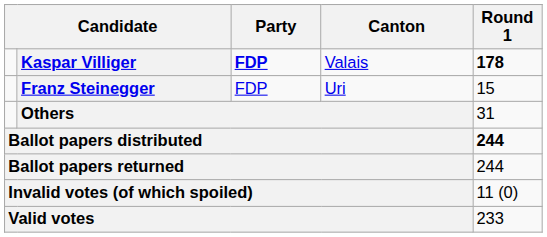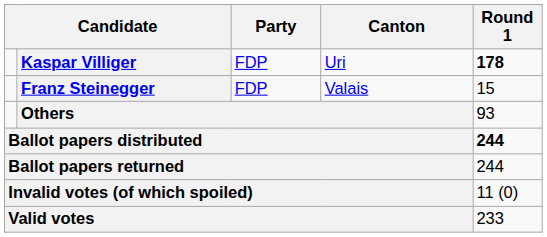 <table class="wikitable">
 <tr>
 <th colspan=2>Candidate</th>
 <th>Party</th>
 <th>Canton</th>
 <th>Round 1</th>
 </tr>
 <tr>
 <td width=5px style="background-color: "></td>
 <td width=200px style="background-color:#F2F2F2"><strong><a href='#'>Kaspar Villiger</a></strong></td>
-<td width=80px><strong><a href='#'>FDP</a></strong></td>
-<td width=140px><a href='#'>Valais</a></td>
+<td width=80px><a href='#'>FDP</a></td>
+<td><a href='#'>Uri</a></td>
 <td width=60px><strong>178</strong></td>
 </tr>
 <tr>
 <td style="background-color: "></td>
 <td style="background-color:#F2F2F2"><strong><a href='#'>Franz Steinegger</a></strong></td>
 <td><a href='#'>FDP</a></td>
-<td><a href='#'>Uri</a></td>
+<td width=140px><a href='#'>Valais</a></td>
 <td>15</td>
 </tr>
 <tr>
 <td></td>
 <td colspan=3 style="background-color:#F2F2F2"><strong>Others</strong></td>
-<td>31</td>
+<td>93</td>
 </tr>
 <tr>
 <td colspan=4 style="background-color:#F2F2F2"><strong>Ballot papers distributed</strong></td>
 <td><strong>244</strong></td>
 </tr>
 <tr>
 <td colspan=4 style="background-color:#F2F2F2"><strong>Ballot papers returned</strong></td>
 <td>244</td>
 </tr>
 <tr>
 <td colspan=4 style="background-color:#F2F2F2"><strong>Invalid votes (of which spoiled)</strong></td>
 <td>11 (0)</td>
 </tr>
 <tr>
 <td colspan=4 style="background-color:#F2F2F2"><strong>Valid votes</strong></td>
 <td>233</td>
 </tr>
 </table>
